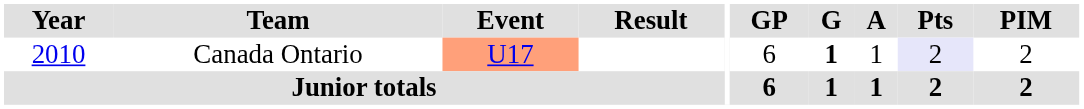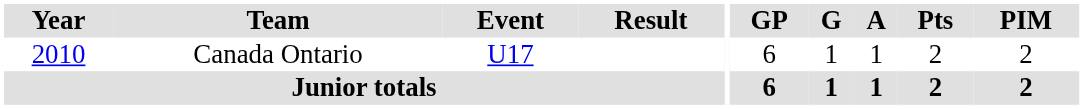 <table border="0" cellpadding="1" cellspacing="0" ID="Table3" style="text-align:center; width:40em">
 <tr ALIGN="center" bgcolor="#e0e0e0">
 <th>Year</th>
 <th>Team</th>
 <th>Event</th>
 <th>Result</th>
 <th rowspan="99" bgcolor="#ffffff"></th>
 <th>GP</th>
 <th>G</th>
 <th>A</th>
 <th>Pts</th>
 <th>PIM</th>
 </tr>
 <tr>
 <td><a href='#'>2010</a></td>
 <td>Canada Ontario</td>
-<td style="background: lightsalmon;"><a href='#'>U17</a></td>
+<td><a href='#'>U17</a></td>
 <td></td>
 <td>6</td>
-<td><strong>1</strong></td>
 <td>1</td>
-<td style="background: lavender;">2</td>
+<td>1</td>
+<td>2</td>
 <td>2</td>
 </tr>
 <tr bgcolor="#e0e0e0">
 <th colspan="4">Junior totals</th>
 <th>6</th>
 <th>1</th>
 <th>1</th>
 <th>2</th>
 <th>2</th>
 </tr>
 </table>
